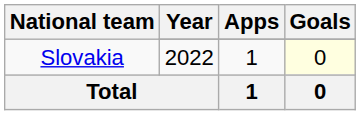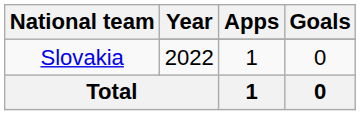 <table class="wikitable" style="text-align: center;">
 <tr>
 <th>National team</th>
 <th>Year</th>
 <th>Apps</th>
 <th>Goals</th>
 </tr>
 <tr>
 <td rowspan="2"><a href='#'>Slovakia</a></td>
 </tr>
 <tr>
 <td>2022</td>
 <td>1</td>
-<td style="background: lightyellow;">0</td>
+<td>0</td>
 </tr>
 <tr>
 <th colspan="2">Total</th>
 <th>1</th>
 <th>0</th>
 </tr>
 </table>
